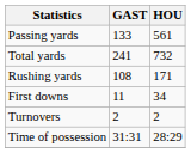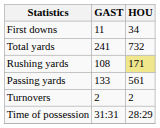 <table class="wikitable">
 <tr>
 <th>Statistics</th>
 <th>GAST</th>
 <th>HOU</th>
 </tr>
 <tr>
-<td>Passing yards</td>
-<td>133</td>
-<td>561</td>
+<td>First downs</td>
+<td>11</td>
+<td>34</td>
 </tr>
 <tr>
 <td>Total yards</td>
 <td>241</td>
 <td>732</td>
 </tr>
 <tr>
 <td>Rushing yards</td>
 <td>108</td>
-<td>171</td>
+<td style="background: khaki;">171</td>
 </tr>
 <tr>
-<td>First downs</td>
-<td>11</td>
-<td>34</td>
+<td>Passing yards</td>
+<td>133</td>
+<td>561</td>
 </tr>
 <tr>
 <td>Turnovers</td>
 <td>2</td>
 <td>2</td>
 </tr>
 <tr>
 <td>Time of possession</td>
 <td>31:31</td>
 <td>28:29</td>
 </tr>
 <tr>
 </tr>
 </table>
